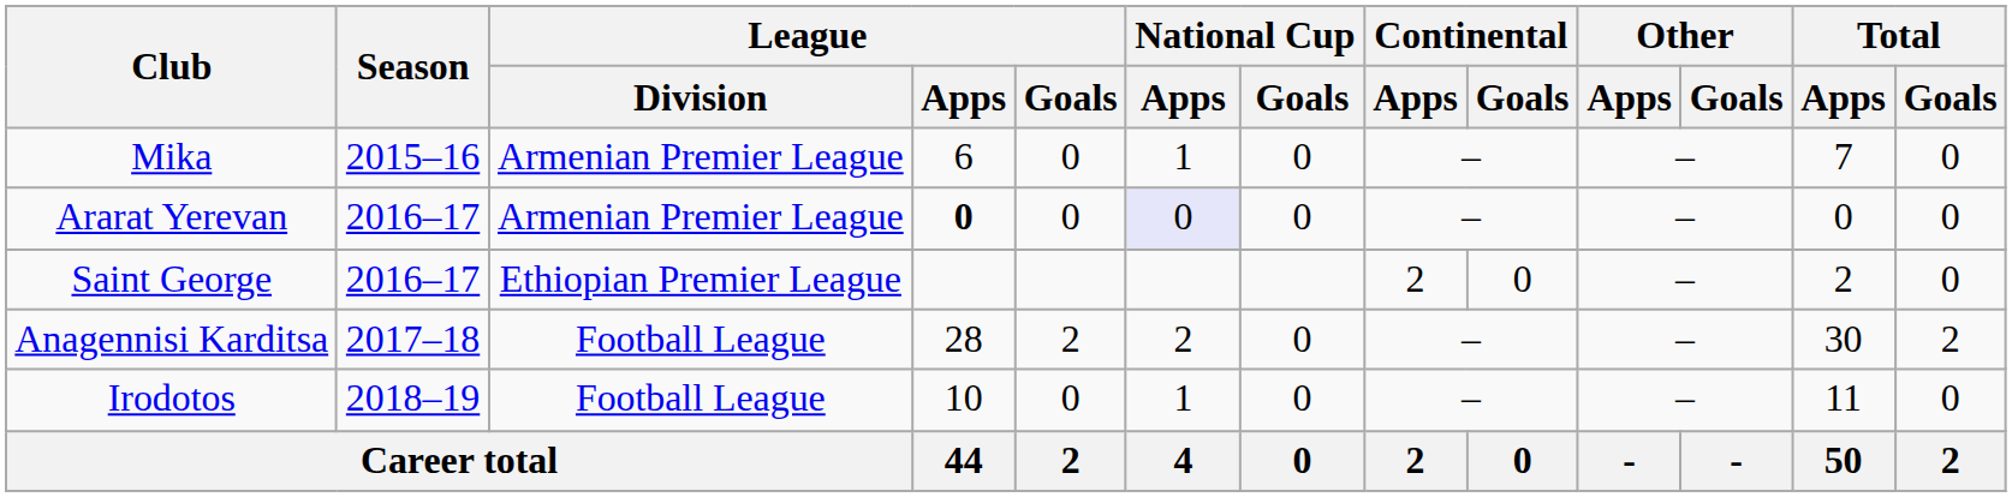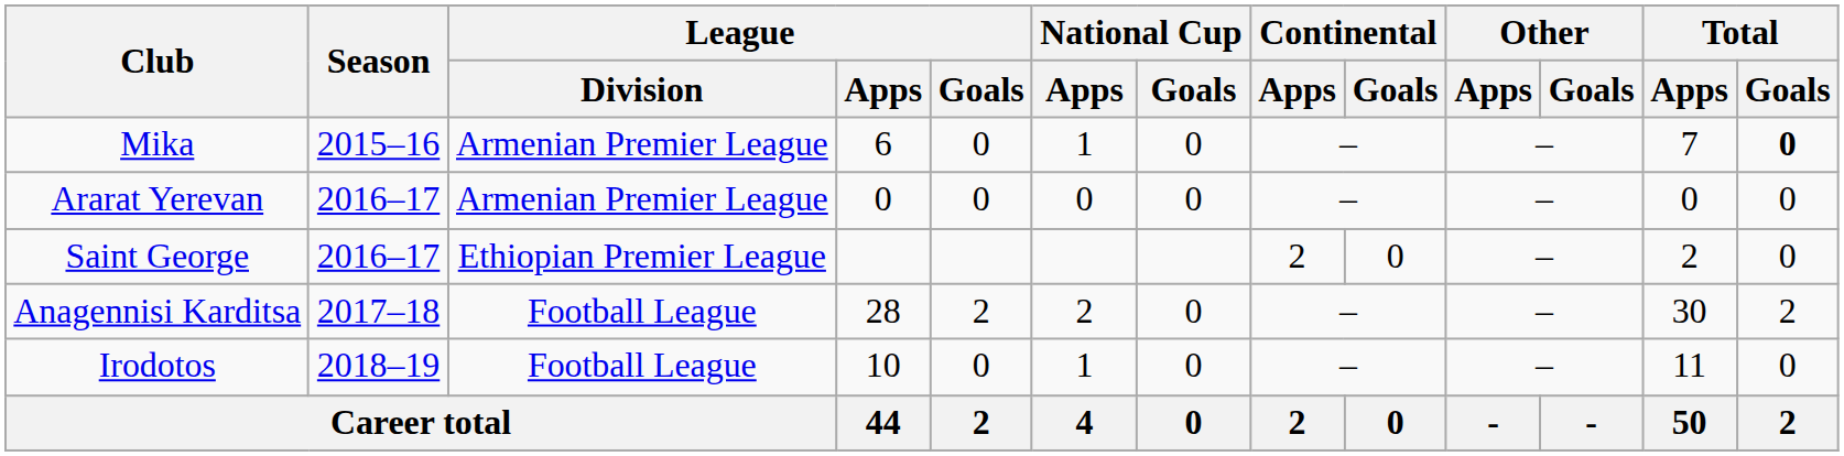 <table class="wikitable" style="text-align: center;">
 <tr>
 <th rowspan="2">Club</th>
 <th rowspan="2">Season</th>
 <th colspan="3">League</th>
 <th colspan="2">National Cup</th>
 <th colspan="2">Continental</th>
 <th colspan="2">Other</th>
 <th colspan="2">Total</th>
 </tr>
 <tr>
 <th>Division</th>
 <th>Apps</th>
 <th>Goals</th>
 <th>Apps</th>
 <th>Goals</th>
 <th>Apps</th>
 <th>Goals</th>
 <th>Apps</th>
 <th>Goals</th>
 <th>Apps</th>
 <th>Goals</th>
 </tr>
 <tr>
 <td valign="center"><a href='#'>Mika</a></td>
 <td><a href='#'>2015–16</a></td>
 <td><a href='#'>Armenian Premier League</a></td>
 <td>6</td>
 <td>0</td>
 <td>1</td>
 <td>0</td>
 <td colspan="2">–</td>
 <td colspan="2">–</td>
 <td>7</td>
-<td>0</td>
+<td><strong>0</strong></td>
 </tr>
 <tr>
 <td valign="center"><a href='#'>Ararat Yerevan</a></td>
 <td><a href='#'>2016–17</a></td>
 <td><a href='#'>Armenian Premier League</a></td>
-<td><strong>0</strong></td>
 <td>0</td>
-<td style="background: lavender;">0</td>
+<td>0</td>
+<td>0</td>
 <td>0</td>
 <td colspan="2">–</td>
 <td colspan="2">–</td>
 <td>0</td>
 <td>0</td>
 </tr>
 <tr>
 <td valign="center"><a href='#'>Saint George</a></td>
 <td><a href='#'>2016–17</a></td>
 <td><a href='#'>Ethiopian Premier League</a></td>
 <td></td>
 <td></td>
 <td></td>
 <td></td>
 <td>2</td>
 <td>0</td>
 <td colspan="2">–</td>
 <td>2</td>
 <td>0</td>
 </tr>
 <tr>
 <td valign="center"><a href='#'>Anagennisi Karditsa</a></td>
 <td><a href='#'>2017–18</a></td>
 <td><a href='#'>Football League</a></td>
 <td>28</td>
 <td>2</td>
 <td>2</td>
 <td>0</td>
 <td colspan="2">–</td>
 <td colspan="2">–</td>
 <td>30</td>
 <td>2</td>
 </tr>
 <tr>
 <td valign="center"><a href='#'>Irodotos</a></td>
 <td><a href='#'>2018–19</a></td>
 <td><a href='#'>Football League</a></td>
 <td>10</td>
 <td>0</td>
 <td>1</td>
 <td>0</td>
 <td colspan="2">–</td>
 <td colspan="2">–</td>
 <td>11</td>
 <td>0</td>
 </tr>
 <tr>
 <th colspan="3">Career total</th>
 <th>44</th>
 <th>2</th>
 <th>4</th>
 <th>0</th>
 <th>2</th>
 <th>0</th>
 <th>-</th>
 <th>-</th>
 <th>50</th>
 <th>2</th>
 </tr>
 </table>
